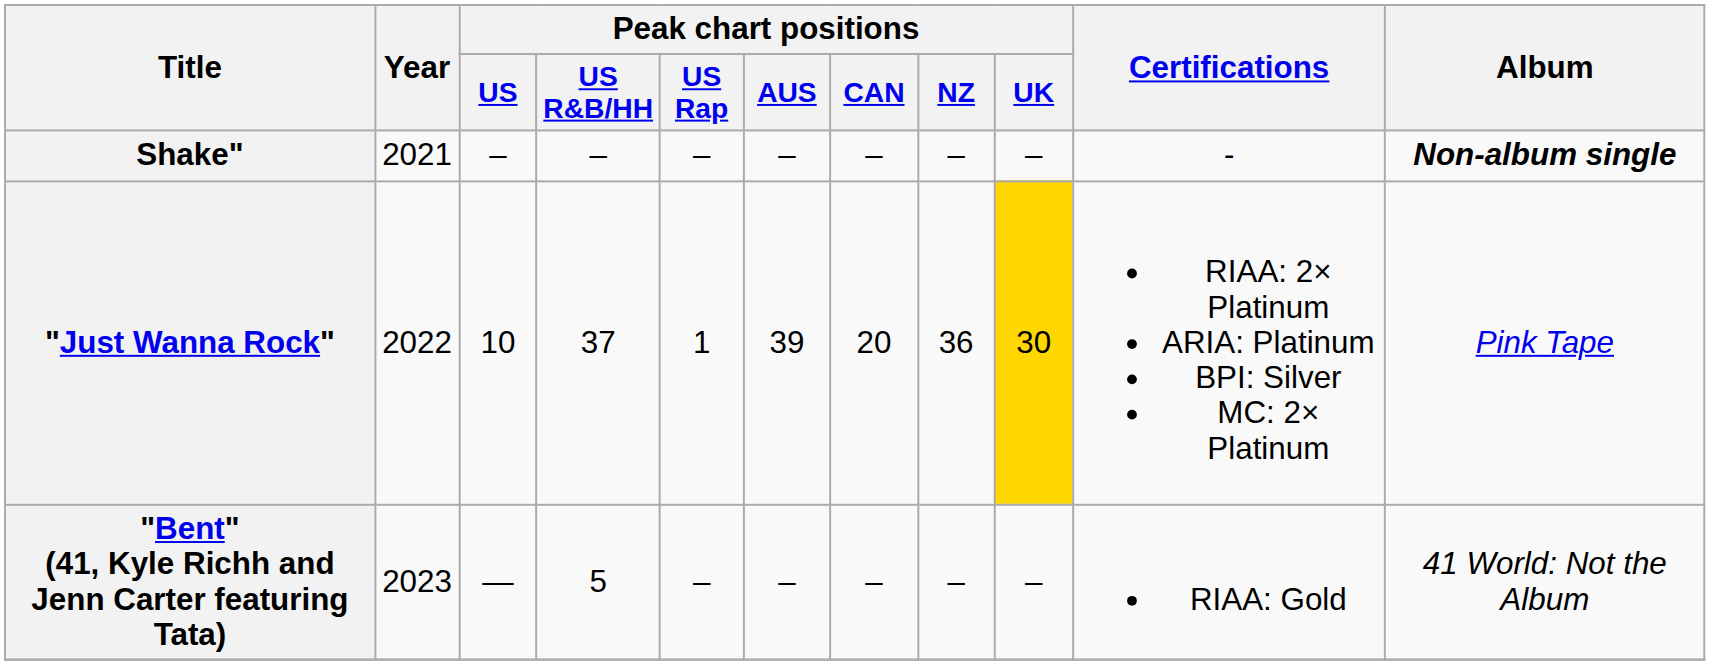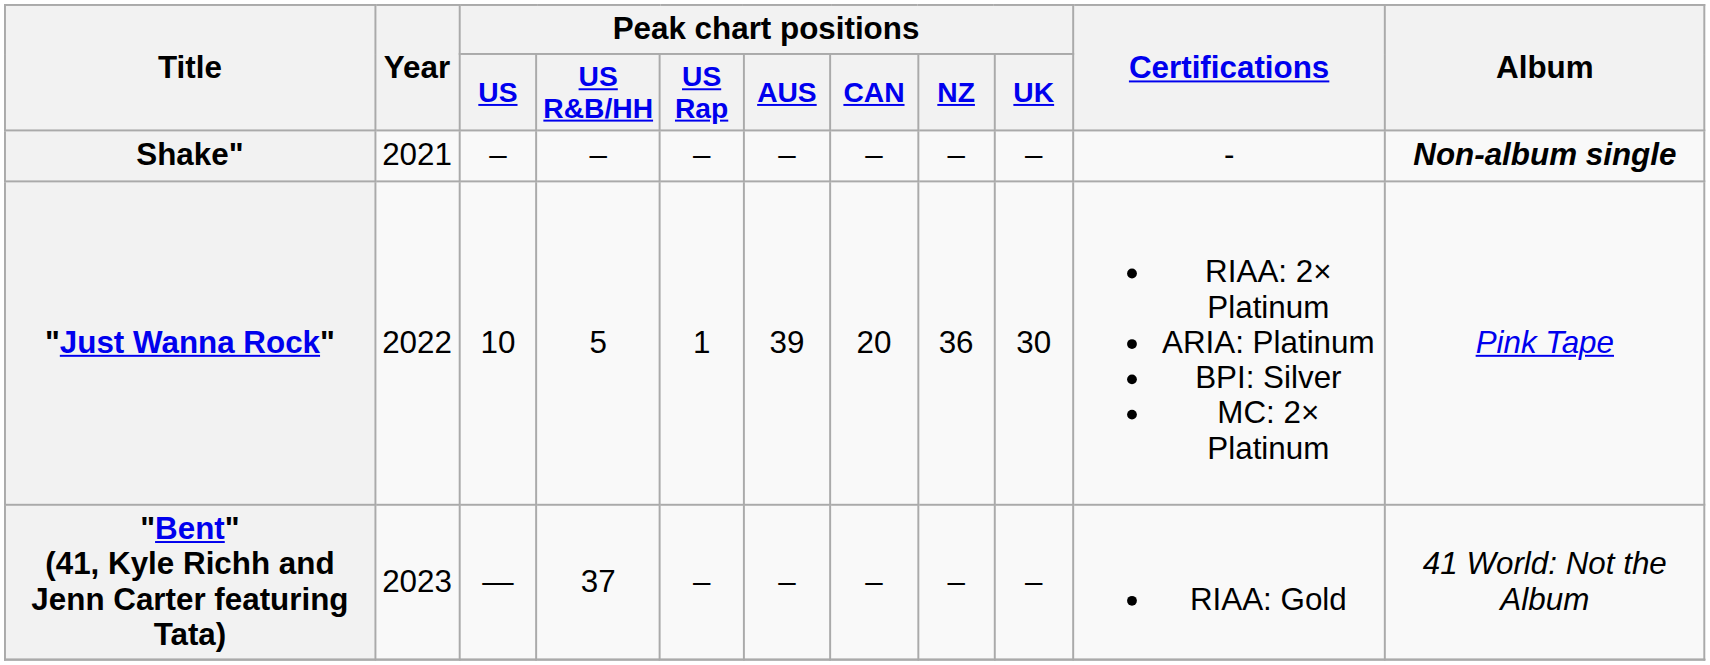 <table class="wikitable plainrowheaders" style="text-align:center;">
 <tr>
 <th scope="col" rowspan="2" style="width:17em;">Title</th>
 <th scope="col" rowspan="2" style="width:1em;">Year</th>
 <th scope="col" colspan="7">Peak chart positions</th>
 <th scope="col" rowspan="2" style="width:12em;"><a href='#'>Certifications</a></th>
 <th scope="col" rowspan="2" style="width:15em;">Album</th>
 </tr>
 <tr>
 <th scope="col" style="width:3em;font-size:90%;"><a href='#'>US</a><br></th>
 <th scope="col" style="width:3em;font-size:90%;"><a href='#'>US R&B/HH</a><br></th>
 <th scope="col" style="width:3em;font-size:90%;"><a href='#'>US<br>Rap</a><br></th>
 <th scope="col" style="width:3em;font-size:90%;"><a href='#'>AUS</a><br></th>
 <th scope="col" style="width:3em;font-size:90%;"><a href='#'>CAN</a><br></th>
 <th scope="col" style="width:3em;font-size:90%;"><a href='#'>NZ</a><br></th>
 <th scope="col" style="width:3em;font-size:90%;"><a href='#'>UK</a><br></th>
 </tr>
 <tr>
 <th scope="row">Shake"<br></th>
 <td>2021</td>
 <td>–</td>
 <td>–</td>
 <td>–</td>
 <td>–</td>
 <td>–</td>
 <td>–</td>
 <td>–</td>
 <td>-</td>
 <td><strong><em>Non-album single</em></strong></td>
 </tr>
 <tr>
 <th scope="row">"<a href='#'>Just Wanna Rock</a>"<br></th>
 <td>2022</td>
 <td>10</td>
-<td>37</td>
+<td>5</td>
 <td>1</td>
 <td>39</td>
 <td>20</td>
 <td>36</td>
-<td style="background: gold;">30</td>
+<td>30</td>
 <td><br><ul><li>RIAA: 2× Platinum</li><li>ARIA: Platinum</li><li>BPI: Silver</li><li>MC: 2× Platinum</li></ul></td>
 <td><em><a href='#'>Pink Tape</a></em></td>
 </tr>
 <tr>
 <th scope="row">"<a href='#'>Bent</a>"<br><span>(41, Kyle Richh and Jenn Carter featuring Tata)</span></th>
 <td>2023</td>
 <td>—</td>
-<td>5</td>
+<td>37</td>
 <td>–</td>
 <td>–</td>
 <td>–</td>
 <td>–</td>
 <td>–</td>
 <td><br><ul><li>RIAA: Gold</li></ul></td>
 <td><em>41 World: Not the Album</em></td>
 </tr>
 <tr>
 </tr>
 </table>
